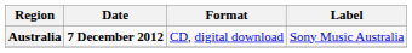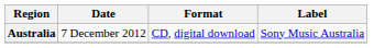 <table class="wikitable plainrowheaders">
 <tr>
 <th scope="col">Region</th>
 <th scope="col">Date</th>
 <th scope="col">Format</th>
 <th scope="col">Label</th>
 </tr>
 <tr>
 <th scope="row">Australia</th>
-<td><strong>7 December 2012</strong></td>
+<td>7 December 2012</td>
 <td><a href='#'>CD</a>, <a href='#'>digital download</a></td>
 <td><a href='#'>Sony Music Australia</a></td>
 </tr>
 <tr>
 </tr>
 </table>
